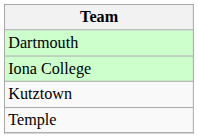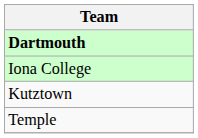 <table class="wikitable" style="text-align: center;">
 <tr>
 <th width="180">Team</th>
 </tr>
 <tr bgcolor=#ccffcc>
-<td align="left">Dartmouth</td>
+<td align="left"><strong>Dartmouth</strong></td>
 </tr>
 <tr bgcolor=#ccffcc>
 <td align="left">Iona College</td>
 </tr>
 <tr>
 <td align="left">Kutztown</td>
 </tr>
 <tr>
 <td align="left">Temple</td>
 </tr>
 <tr>
 </tr>
 </table>
